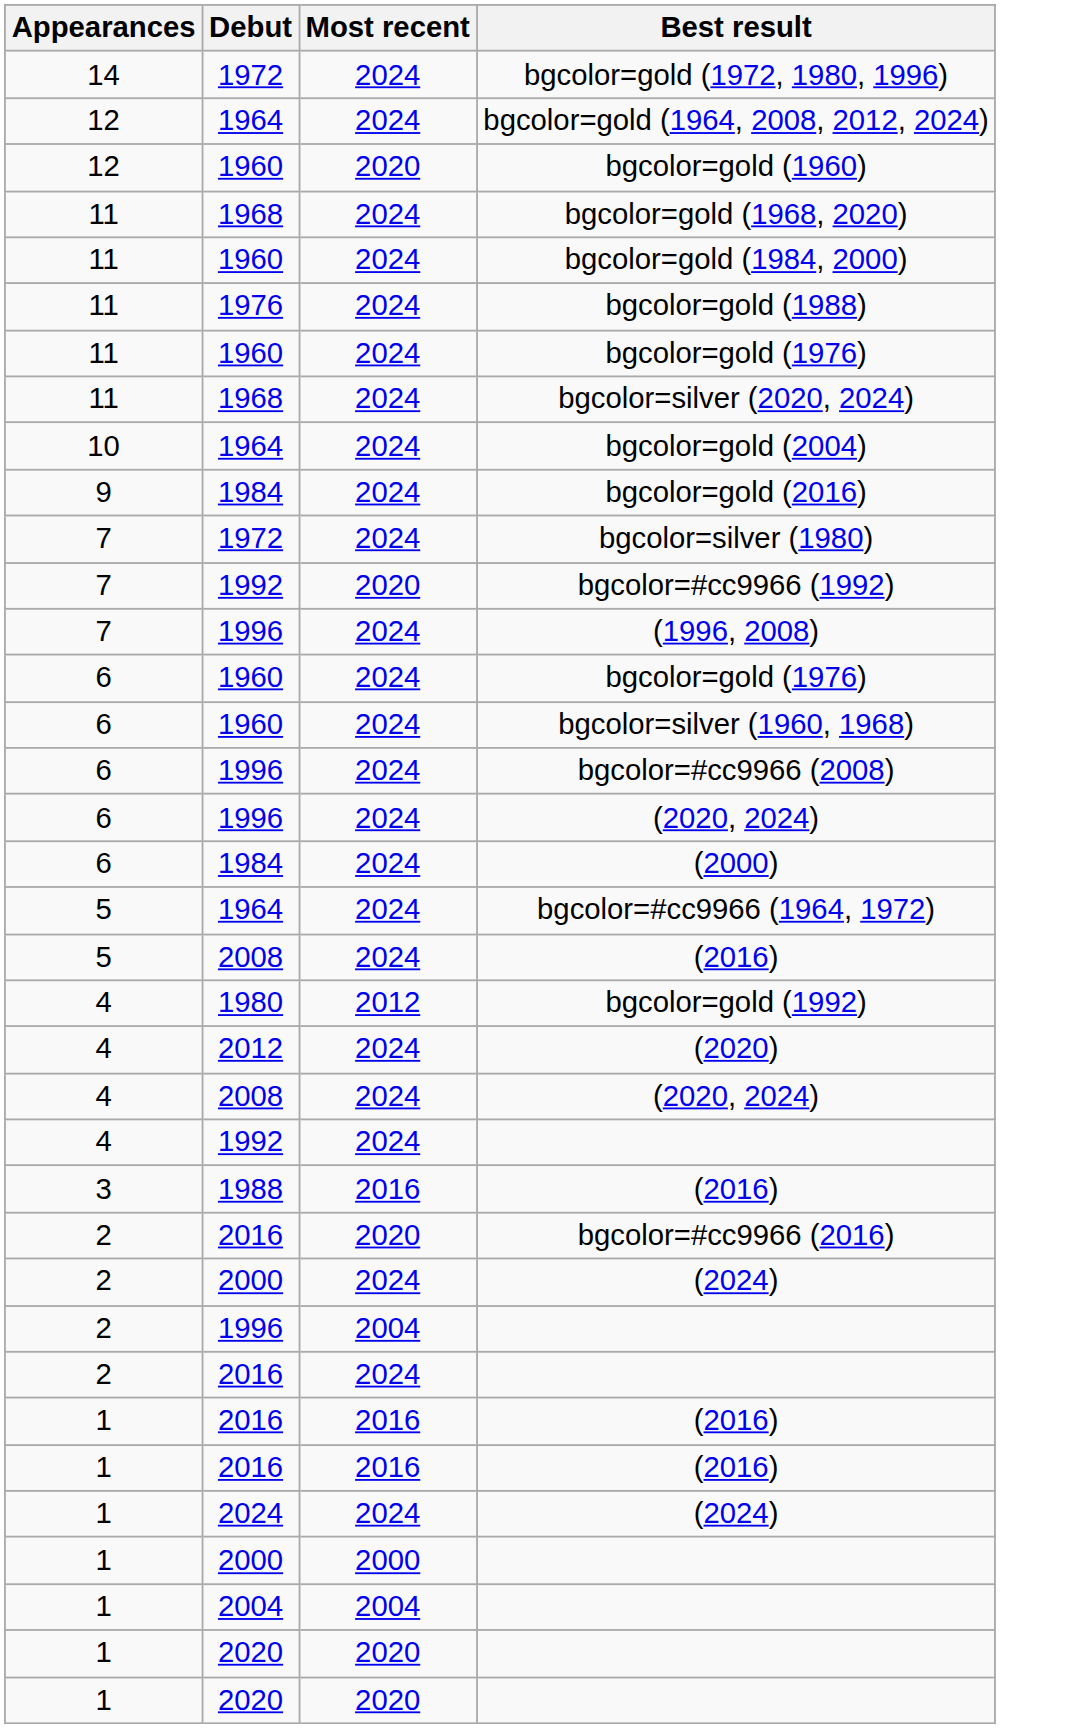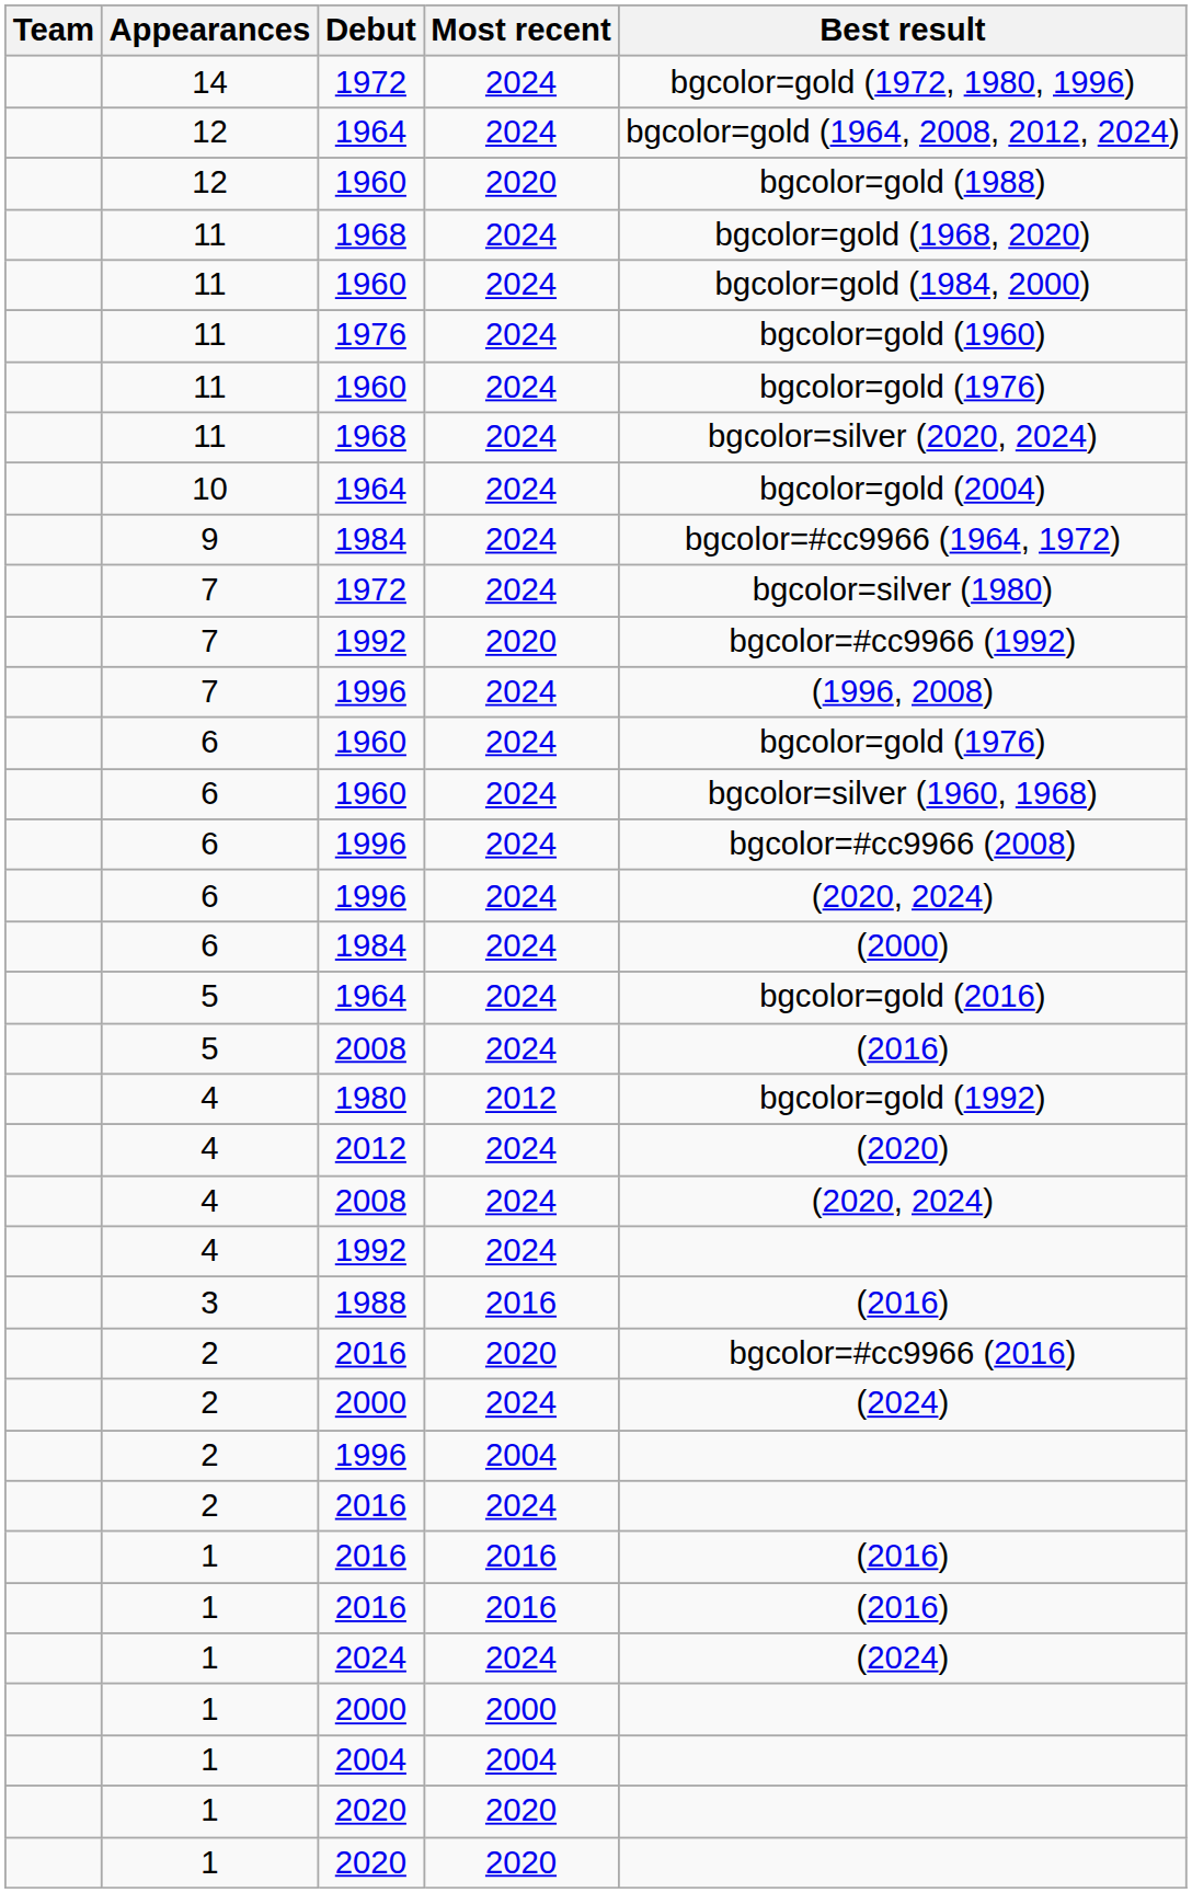 <table class="wikitable sortable" style="text-align: center">
 <tr>
+<th>Team</th>
 <th>Appearances</th>
 <th>Debut</th>
 <th>Most recent</th>
 <th>Best result</th>
 </tr>
 <tr>
+<td align="left"></td>
 <td>14</td>
 <td><a href='#'>1972</a></td>
 <td><a href='#'>2024</a></td>
 <td>bgcolor=gold  (<a href='#'>1972</a>, <a href='#'>1980</a>, <a href='#'>1996</a>)</td>
 </tr>
 <tr>
+<td align="left"></td>
 <td>12</td>
 <td><a href='#'>1964</a></td>
 <td><a href='#'>2024</a></td>
 <td>bgcolor=gold  (<a href='#'>1964</a>, <a href='#'>2008</a>, <a href='#'>2012</a>, <a href='#'>2024</a>)</td>
 </tr>
 <tr>
+<td align="left"></td>
 <td>12</td>
 <td><a href='#'>1960</a></td>
 <td><a href='#'>2020</a></td>
-<td>bgcolor=gold  (<a href='#'>1960</a>)</td>
+<td>bgcolor=gold  (<a href='#'>1988</a>)</td>
 </tr>
 <tr>
+<td align="left"></td>
 <td>11</td>
 <td><a href='#'>1968</a></td>
 <td><a href='#'>2024</a></td>
 <td>bgcolor=gold  (<a href='#'>1968</a>, <a href='#'>2020</a>)</td>
 </tr>
 <tr>
+<td align="left"></td>
 <td>11</td>
 <td><a href='#'>1960</a></td>
 <td><a href='#'>2024</a></td>
 <td>bgcolor=gold  (<a href='#'>1984</a>, <a href='#'>2000</a>)</td>
 </tr>
 <tr>
+<td align="left"></td>
 <td>11</td>
 <td><a href='#'>1976</a></td>
 <td><a href='#'>2024</a></td>
-<td>bgcolor=gold  (<a href='#'>1988</a>)</td>
+<td>bgcolor=gold  (<a href='#'>1960</a>)</td>
 </tr>
 <tr>
+<td align="left"></td>
 <td>11</td>
 <td><a href='#'>1960</a></td>
 <td><a href='#'>2024</a></td>
 <td>bgcolor=gold  (<a href='#'>1976</a>)</td>
 </tr>
 <tr>
+<td align="left"></td>
 <td>11</td>
 <td><a href='#'>1968</a></td>
 <td><a href='#'>2024</a></td>
 <td>bgcolor=silver  (<a href='#'>2020</a>, <a href='#'>2024</a>)</td>
 </tr>
 <tr>
+<td align="left"></td>
 <td>10</td>
 <td><a href='#'>1964</a></td>
 <td><a href='#'>2024</a></td>
 <td>bgcolor=gold  (<a href='#'>2004</a>)</td>
 </tr>
 <tr>
+<td align="left"></td>
 <td>9</td>
 <td><a href='#'>1984</a></td>
 <td><a href='#'>2024</a></td>
-<td>bgcolor=gold  (<a href='#'>2016</a>)</td>
+<td>bgcolor=#cc9966  (<a href='#'>1964</a>, <a href='#'>1972</a>)</td>
 </tr>
 <tr>
+<td align="left"></td>
 <td>7</td>
 <td><a href='#'>1972</a></td>
 <td><a href='#'>2024</a></td>
 <td>bgcolor=silver  (<a href='#'>1980</a>)</td>
 </tr>
 <tr>
+<td align="left"></td>
 <td>7</td>
 <td><a href='#'>1992</a></td>
 <td><a href='#'>2020</a></td>
 <td>bgcolor=#cc9966  (<a href='#'>1992</a>)</td>
 </tr>
 <tr>
+<td align="left"></td>
 <td>7</td>
 <td><a href='#'>1996</a></td>
 <td><a href='#'>2024</a></td>
 <td> (<a href='#'>1996</a>, <a href='#'>2008</a>)</td>
 </tr>
 <tr>
+<td align="left"></td>
 <td>6</td>
 <td><a href='#'>1960</a></td>
 <td><a href='#'>2024</a></td>
 <td>bgcolor=gold  (<a href='#'>1976</a>)</td>
 </tr>
 <tr>
+<td align=left></td>
 <td>6</td>
 <td><a href='#'>1960</a></td>
 <td><a href='#'>2024</a></td>
 <td>bgcolor=silver  (<a href='#'>1960</a>, <a href='#'>1968</a>)</td>
 </tr>
 <tr>
+<td align="left"></td>
 <td>6</td>
 <td><a href='#'>1996</a></td>
 <td><a href='#'>2024</a></td>
 <td>bgcolor=#cc9966  (<a href='#'>2008</a>)</td>
 </tr>
 <tr>
+<td align="left"></td>
 <td>6</td>
 <td><a href='#'>1996</a></td>
 <td><a href='#'>2024</a></td>
 <td> (<a href='#'>2020</a>, <a href='#'>2024</a>)</td>
 </tr>
 <tr>
+<td align="left"></td>
 <td>6</td>
 <td><a href='#'>1984</a></td>
 <td><a href='#'>2024</a></td>
 <td> (<a href='#'>2000</a>)</td>
 </tr>
 <tr>
+<td align="left"></td>
 <td>5</td>
 <td><a href='#'>1964</a></td>
 <td><a href='#'>2024</a></td>
-<td>bgcolor=#cc9966  (<a href='#'>1964</a>, <a href='#'>1972</a>)</td>
+<td>bgcolor=gold  (<a href='#'>2016</a>)</td>
 </tr>
 <tr>
+<td align="left"></td>
 <td>5</td>
 <td><a href='#'>2008</a></td>
 <td><a href='#'>2024</a></td>
 <td> (<a href='#'>2016</a>)</td>
 </tr>
 <tr>
+<td align="left"></td>
 <td>4</td>
 <td><a href='#'>1980</a></td>
 <td><a href='#'>2012</a></td>
 <td>bgcolor=gold  (<a href='#'>1992</a>)</td>
 </tr>
 <tr>
+<td align="left"></td>
 <td>4</td>
 <td><a href='#'>2012</a></td>
 <td><a href='#'>2024</a></td>
 <td> (<a href='#'>2020</a>)</td>
 </tr>
 <tr>
+<td align="left"></td>
 <td>4</td>
 <td><a href='#'>2008</a></td>
 <td><a href='#'>2024</a></td>
 <td> (<a href='#'>2020</a>, <a href='#'>2024</a>)</td>
 </tr>
 <tr>
+<td align="left"></td>
 <td>4</td>
 <td><a href='#'>1992</a></td>
 <td><a href='#'>2024</a></td>
 <td></td>
 </tr>
 <tr>
+<td align="left"></td>
 <td>3</td>
 <td><a href='#'>1988</a></td>
 <td><a href='#'>2016</a></td>
 <td> (<a href='#'>2016</a>)</td>
 </tr>
 <tr>
+<td align="left"></td>
 <td>2</td>
 <td><a href='#'>2016</a></td>
 <td><a href='#'>2020</a></td>
 <td>bgcolor=#cc9966  (<a href='#'>2016</a>)</td>
 </tr>
 <tr>
+<td align="left"></td>
 <td>2</td>
 <td><a href='#'>2000</a></td>
 <td><a href='#'>2024</a></td>
 <td> (<a href='#'>2024</a>)</td>
 </tr>
 <tr>
+<td align="left"></td>
 <td>2</td>
 <td><a href='#'>1996</a></td>
 <td><a href='#'>2004</a></td>
 <td></td>
 </tr>
 <tr>
+<td align="left"></td>
 <td>2</td>
 <td><a href='#'>2016</a></td>
 <td><a href='#'>2024</a></td>
 <td></td>
 </tr>
 <tr>
+<td align="left"></td>
 <td>1</td>
 <td><a href='#'>2016</a></td>
 <td><a href='#'>2016</a></td>
 <td> (<a href='#'>2016</a>)</td>
 </tr>
 <tr>
+<td align="left"></td>
 <td>1</td>
 <td><a href='#'>2016</a></td>
 <td><a href='#'>2016</a></td>
 <td> (<a href='#'>2016</a>)</td>
 </tr>
 <tr>
+<td align="left"></td>
 <td>1</td>
 <td><a href='#'>2024</a></td>
 <td><a href='#'>2024</a></td>
 <td> (<a href='#'>2024</a>)</td>
 </tr>
 <tr>
+<td align="left"></td>
 <td>1</td>
 <td><a href='#'>2000</a></td>
 <td><a href='#'>2000</a></td>
 <td></td>
 </tr>
 <tr>
+<td align="left"></td>
 <td>1</td>
 <td><a href='#'>2004</a></td>
 <td><a href='#'>2004</a></td>
 <td></td>
 </tr>
 <tr>
+<td align="left"></td>
 <td>1</td>
 <td><a href='#'>2020</a></td>
 <td><a href='#'>2020</a></td>
 <td></td>
 </tr>
 <tr>
+<td align="left"></td>
 <td>1</td>
 <td><a href='#'>2020</a></td>
 <td><a href='#'>2020</a></td>
 <td></td>
 </tr>
 </table>
